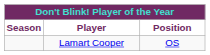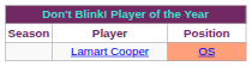 <table class="wikitable sortable" style="text-align:center">
 <tr>
 <td colspan="4" style="background:#702963; color:#40E0D0;"><strong>Don't Blink! Player of the Year</strong></td>
 </tr>
 <tr>
 <th style="width:50px; background:white; color:#702963;">Season</th>
 <th style="width:150px; background:white; color:#702963;">Player</th>
 <th style="width:100px; background:white; color:#702963;">Position</th>
 </tr>
 <tr>
 <td></td>
 <td><a href='#'>Lamart Cooper</a></td>
-<td><a href='#'>OS</a></td>
+<td style="background: lightsalmon;"><a href='#'>OS</a></td>
 </tr>
 </table>
